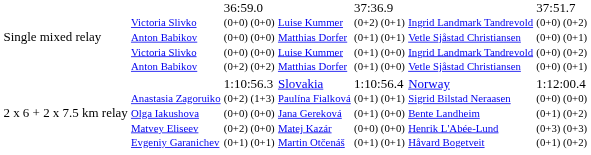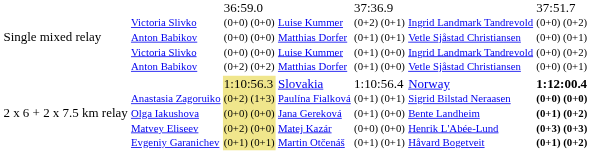 <table>
 <tr>
 <td>Single mixed relay<br><em></em></td>
 <td><br><small><a href='#'>Victoria Slivko</a><br><a href='#'>Anton Babikov</a><br><a href='#'>Victoria Slivko</a><br><a href='#'>Anton Babikov</a></small></td>
 <td>36:59.0 <br><small>(0+0) (0+0)<br>(0+0) (0+0)<br>(0+0) (0+0)<br>(0+2) (0+2)</small></td>
 <td><br><small><a href='#'>Luise Kummer</a><br><a href='#'>Matthias Dorfer</a> <br><a href='#'>Luise Kummer</a><br><a href='#'>Matthias Dorfer</a></small></td>
 <td>37:36.9 <br><small>(0+2) (0+1)<br>(0+1) (0+1)<br>(0+1) (0+0)<br>(0+1) (0+0)</small></td>
 <td><br><small><a href='#'>Ingrid Landmark Tandrevold</a><br><a href='#'>Vetle Sjåstad Christiansen</a><br><a href='#'>Ingrid Landmark Tandrevold</a><br><a href='#'>Vetle Sjåstad Christiansen</a></small></td>
 <td>37:51.7 <br><small>(0+0) (0+2)<br>(0+0) (0+1)<br>(0+0) (0+2)<br>(0+0) (0+1)</small>  <br></td>
 </tr>
 <tr>
 <td>2 x 6 + 2 x 7.5 km relay<br><em></em></td>
 <td><br><small><a href='#'>Anastasia Zagoruiko</a><br><a href='#'>Olga Iakushova</a><br><a href='#'>Matvey Eliseev</a><br><a href='#'>Evgeniy Garanichev</a></small></td>
-<td>1:10:56.3 <br><small>(0+2) (1+3)<br>(0+0) (0+0)<br>(0+2) (0+0)<br>(0+1) (0+1)</small>  <br></td>
+<td style="background: khaki;">1:10:56.3 <br><small>(0+2) (1+3)<br>(0+0) (0+0)<br>(0+2) (0+0)<br>(0+1) (0+1)</small>  <br></td>
 <td> <a href='#'>Slovakia</a><br><small><a href='#'>Paulína Fialková</a><br><a href='#'>Jana Gereková</a><br><a href='#'>Matej Kazár</a><br><a href='#'>Martin Otčenáš</a></small></td>
 <td>1:10:56.4 <br><small>(0+1) (0+1)<br>(0+1) (0+0)<br>(0+0) (0+0)<br>(0+1) (0+1)</small>  <br></td>
 <td> <a href='#'>Norway</a><br><small><a href='#'>Sigrid Bilstad Neraasen</a><br><a href='#'>Bente Landheim</a><br><a href='#'>Henrik L'Abée-Lund</a><br><a href='#'>Håvard Bogetveit</a></small></td>
-<td>1:12:00.4 <br><small>(0+0) (0+0)<br>(0+1) (0+2)<br>(0+3) (0+3)<br>(0+1) (0+2)</small>  <br></td>
+<td><strong>1:12:00.4 <br><small>(0+0) (0+0)<br>(0+1) (0+2)<br>(0+3) (0+3)<br>(0+1) (0+2)</small>  <br></strong></td>
 </tr>
 <tr>
 </tr>
 </table>
